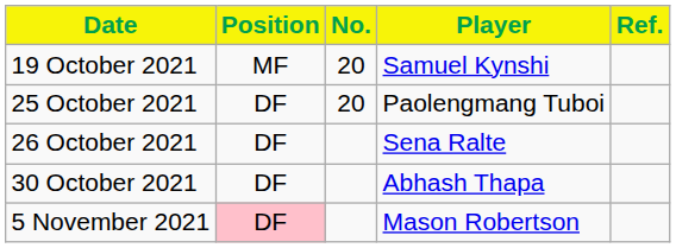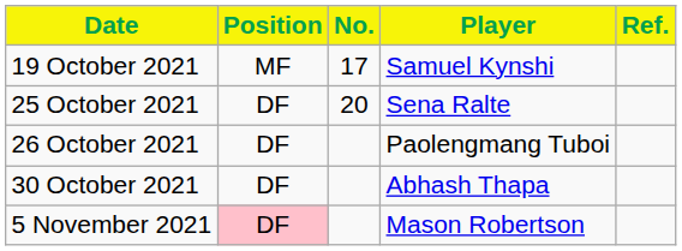 <table class="wikitable plainrowheaders sortable">
 <tr>
 <th style="background:#F7F408; color:#00A050;"><strong>Date</strong></th>
 <th style="background:#F7F408; color:#00A050;"><strong>Position</strong></th>
 <th style="background:#F7F408; color:#00A050;"><strong>No.</strong></th>
 <th style="background:#F7F408; color:#00A050;"><strong> Player</strong></th>
 <th style="background:#F7F408; color:#00A050;"><strong>Ref.</strong></th>
 </tr>
 <tr>
 <td>19 October 2021</td>
 <td style="text-align:center;">MF</td>
-<td style="text-align:center;">20</td>
+<td style="text-align:center;">17</td>
 <td> <a href='#'>Samuel Kynshi</a></td>
 <td></td>
 </tr>
 <tr>
 <td>25 October 2021</td>
 <td style="text-align:center;">DF</td>
 <td style="text-align:center;">20</td>
-<td> Paolengmang Tuboi</td>
+<td> <a href='#'>Sena Ralte</a></td>
 <td></td>
 </tr>
 <tr>
 <td>26 October 2021</td>
 <td style="text-align:center;">DF</td>
 <td style="text-align:center;"></td>
-<td> <a href='#'>Sena Ralte</a></td>
+<td> Paolengmang Tuboi</td>
 <td></td>
 </tr>
 <tr>
 <td>30 October 2021</td>
 <td style="text-align:center;">DF</td>
 <td style="text-align:center;"></td>
 <td> <a href='#'>Abhash Thapa</a></td>
 <td></td>
 </tr>
 <tr>
 <td>5 November 2021</td>
 <td style="background: pink; text-align:center;">DF</td>
 <td style="text-align:center;"></td>
 <td> <a href='#'>Mason Robertson</a></td>
 <td></td>
 </tr>
 </table>
